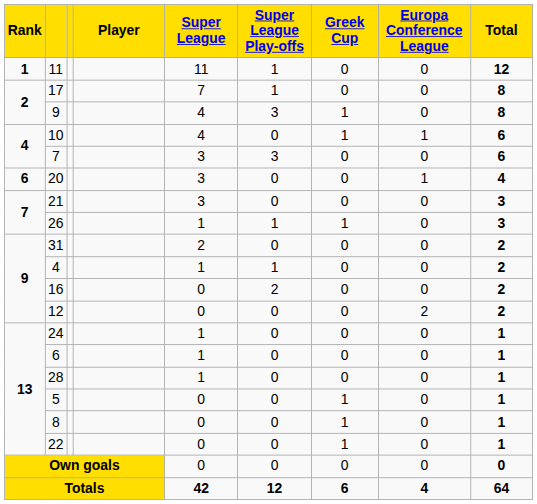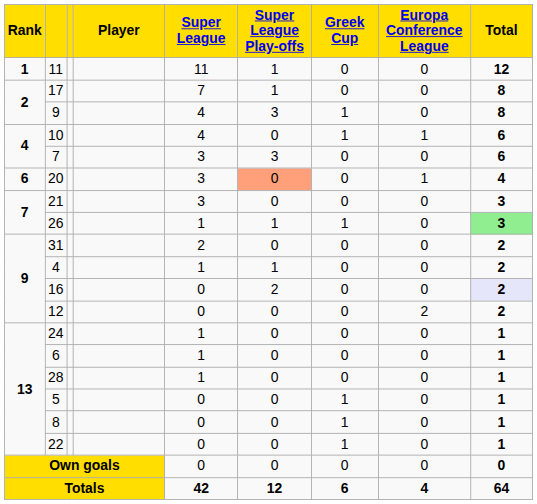 <table class="wikitable sortable" style="text-align: center">
 <tr>
 <th style="background:#FFDE00">Rank</th>
 <th style="background:#FFDE00"></th>
 <th style="background:#FFDE00"></th>
 <th width=200 style="background:#FFDE00">Player</th>
 <th width=120 style="background:#FFDE00"><a href='#'>Super League</a></th>
 <th width=120 style="background:#FFDE00"><a href='#'>Super League Play-offs</a></th>
 <th width=120 style="background:#FFDE00"><a href='#'>Greek Cup</a></th>
 <th width=120 style="background:#FFDE00"><a href='#'>Europa Conference League</a></th>
 <th width=120 style="background:#FFDE00">Total</th>
 </tr>
 <tr>
 <td><strong>1</strong></td>
 <td>11</td>
 <td></td>
 <td align=left></td>
 <td>11</td>
 <td>1</td>
 <td>0</td>
 <td>0</td>
 <td><strong>12</strong></td>
 </tr>
 <tr>
 <td rowspan=2><strong>2</strong></td>
 <td>17</td>
 <td></td>
 <td align=left></td>
 <td>7</td>
 <td>1</td>
 <td>0</td>
 <td>0</td>
 <td><strong>8</strong></td>
 </tr>
 <tr>
 <td>9</td>
 <td></td>
 <td align=left></td>
 <td>4</td>
 <td>3</td>
 <td>1</td>
 <td>0</td>
 <td><strong>8</strong></td>
 </tr>
 <tr>
 <td rowspan=2><strong>4</strong></td>
 <td>10</td>
 <td></td>
 <td align=left></td>
 <td>4</td>
 <td>0</td>
 <td>1</td>
 <td>1</td>
 <td><strong>6</strong></td>
 </tr>
 <tr>
 <td>7</td>
 <td></td>
 <td align=left></td>
 <td>3</td>
 <td>3</td>
 <td>0</td>
 <td>0</td>
 <td><strong>6</strong></td>
 </tr>
 <tr>
 <td><strong>6</strong></td>
 <td>20</td>
 <td></td>
 <td align=left></td>
 <td>3</td>
-<td>0</td>
+<td style="background: lightsalmon;">0</td>
 <td>0</td>
 <td>1</td>
 <td><strong>4</strong></td>
 </tr>
 <tr>
 <td rowspan=2><strong>7</strong></td>
 <td>21</td>
 <td></td>
 <td align=left></td>
 <td>3</td>
 <td>0</td>
 <td>0</td>
 <td>0</td>
 <td><strong>3</strong></td>
 </tr>
 <tr>
 <td>26</td>
 <td></td>
 <td align=left></td>
 <td>1</td>
 <td>1</td>
 <td>1</td>
 <td>0</td>
-<td><strong>3</strong></td>
+<td style="background: lightgreen;"><strong>3</strong></td>
 </tr>
 <tr>
 <td rowspan=4><strong>9</strong></td>
 <td>31</td>
 <td></td>
 <td align=left></td>
 <td>2</td>
 <td>0</td>
 <td>0</td>
 <td>0</td>
 <td><strong>2</strong></td>
 </tr>
 <tr>
 <td>4</td>
 <td></td>
 <td align=left></td>
 <td>1</td>
 <td>1</td>
 <td>0</td>
 <td>0</td>
 <td><strong>2</strong></td>
 </tr>
 <tr>
 <td>16</td>
 <td></td>
 <td align=left></td>
 <td>0</td>
 <td>2</td>
 <td>0</td>
 <td>0</td>
-<td><strong>2</strong></td>
+<td style="background: lavender;"><strong>2</strong></td>
 </tr>
 <tr>
 <td>12</td>
 <td></td>
 <td align=left></td>
 <td>0</td>
 <td>0</td>
 <td>0</td>
 <td>2</td>
 <td><strong>2</strong></td>
 </tr>
 <tr>
 <td rowspan=6><strong>13</strong></td>
 <td>24</td>
 <td></td>
 <td align=left></td>
 <td>1</td>
 <td>0</td>
 <td>0</td>
 <td>0</td>
 <td><strong>1</strong></td>
 </tr>
 <tr>
 <td>6</td>
 <td></td>
 <td align=left></td>
 <td>1</td>
 <td>0</td>
 <td>0</td>
 <td>0</td>
 <td><strong>1</strong></td>
 </tr>
 <tr>
 <td>28</td>
 <td></td>
 <td align=left></td>
 <td>1</td>
 <td>0</td>
 <td>0</td>
 <td>0</td>
 <td><strong>1</strong></td>
 </tr>
 <tr>
 <td>5</td>
 <td></td>
 <td align=left></td>
 <td>0</td>
 <td>0</td>
 <td>1</td>
 <td>0</td>
 <td><strong>1</strong></td>
 </tr>
 <tr>
 <td>8</td>
 <td></td>
 <td align=left></td>
 <td>0</td>
 <td>0</td>
 <td>1</td>
 <td>0</td>
 <td><strong>1</strong></td>
 </tr>
 <tr>
 <td>22</td>
 <td></td>
 <td align=left></td>
 <td>0</td>
 <td>0</td>
 <td>1</td>
 <td>0</td>
 <td><strong>1</strong></td>
 </tr>
 <tr class="sortbottom">
 <td colspan=4 style="background:#FFDE00"><strong>Own goals</strong></td>
 <td>0</td>
 <td>0</td>
 <td>0</td>
 <td>0</td>
 <td><strong>0</strong></td>
 </tr>
 <tr class="sortbottom">
 <th colspan=4 style="background:#FFDE00"><strong>Totals</strong></th>
 <td><strong>42</strong></td>
 <td><strong>12</strong></td>
 <td><strong> 6</strong></td>
 <td><strong> 4</strong></td>
 <td><strong>64</strong></td>
 </tr>
 </table>
